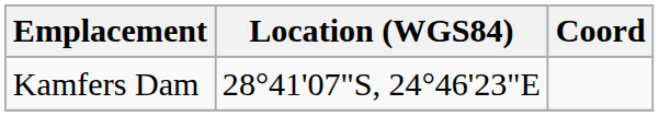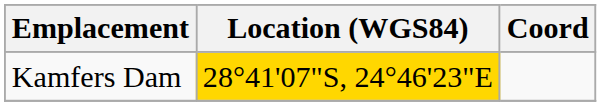 <table class="wikitable">
 <tr>
 <th>Emplacement</th>
 <th>Location (WGS84)</th>
 <th>Coord</th>
 </tr>
 <tr>
 <td>Kamfers Dam</td>
-<td>28°41'07"S, 24°46'23"E</td>
+<td style="background: gold;">28°41'07"S, 24°46'23"E</td>
 <td></td>
 </tr>
 <tr>
 </tr>
 </table>
